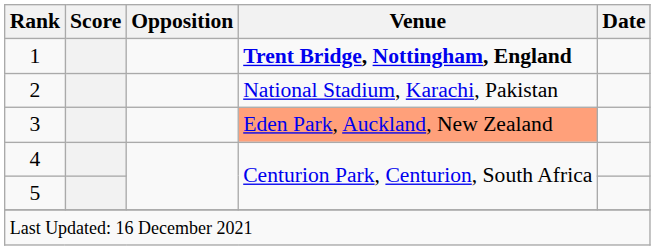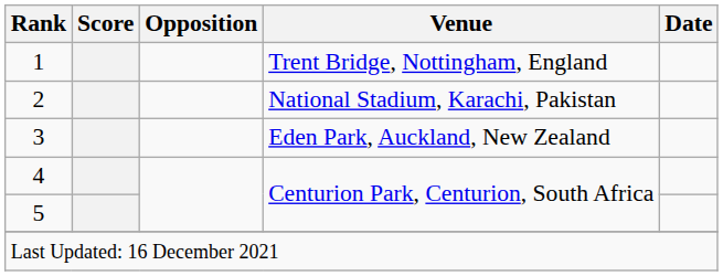 <table class="wikitable plainrowheaders sortable">
 <tr>
 <th scope=col>Rank</th>
 <th scope=col>Score</th>
 <th scope=col>Opposition</th>
 <th scope=col>Venue</th>
 <th scope=col>Date</th>
 </tr>
 <tr>
 <td align=center>1</td>
 <th scope=row style=text-align:center;></th>
 <td></td>
-<td><strong><a href='#'>Trent Bridge</a>, <a href='#'>Nottingham</a>, England</strong></td>
+<td><a href='#'>Trent Bridge</a>, <a href='#'>Nottingham</a>, England</td>
 <td></td>
 </tr>
 <tr>
 <td align=center>2</td>
 <th scope=row style=text-align:center;></th>
 <td></td>
 <td><a href='#'>National Stadium</a>, <a href='#'>Karachi</a>, Pakistan</td>
 <td></td>
 </tr>
 <tr>
 <td align=center>3</td>
 <th scope=row style=text-align:center;></th>
 <td></td>
-<td style="background: lightsalmon;"><a href='#'>Eden Park</a>, <a href='#'>Auckland</a>, New Zealand</td>
+<td><a href='#'>Eden Park</a>, <a href='#'>Auckland</a>, New Zealand</td>
 <td></td>
 </tr>
 <tr>
 <td align=center>4</td>
 <th scope=row style=text-align:center;></th>
 <td rowspan=2></td>
 <td rowspan=2><a href='#'>Centurion Park</a>, <a href='#'>Centurion</a>, South Africa</td>
 <td></td>
 </tr>
 <tr>
 <td align=center>5</td>
 <th scope=row style=text-align:center;></th>
 <td></td>
 </tr>
 <tr>
 </tr>
 <tr class=sortbottom>
 <td colspan=5><small>Last Updated: 16 December 2021</small></td>
 </tr>
 </table>
